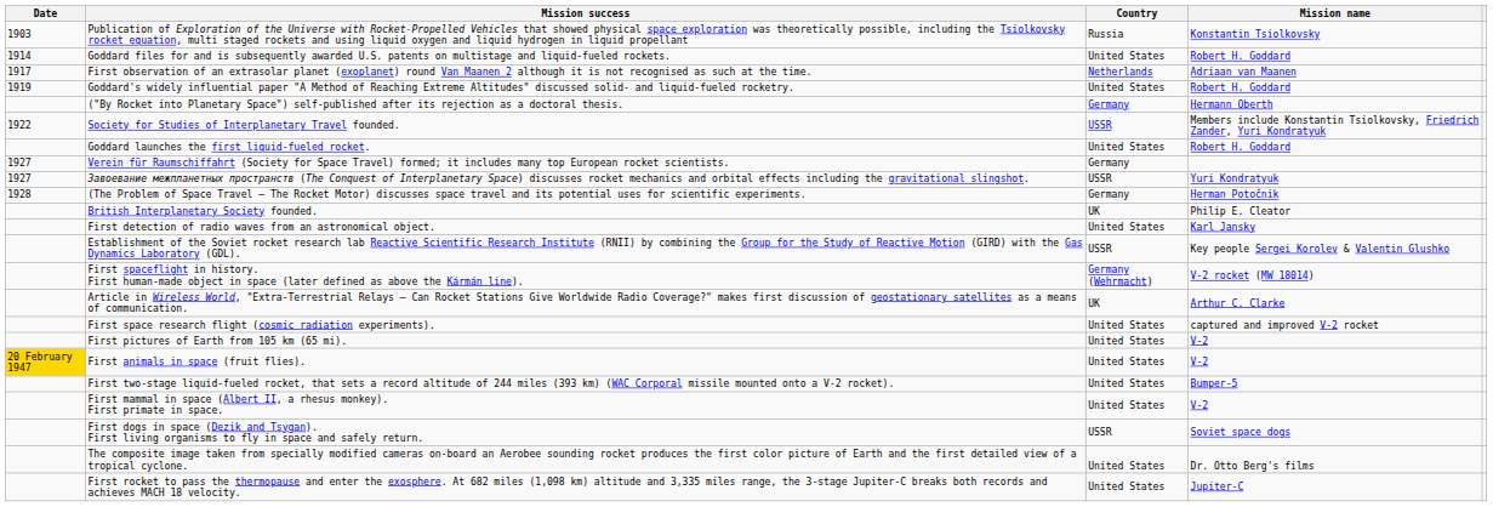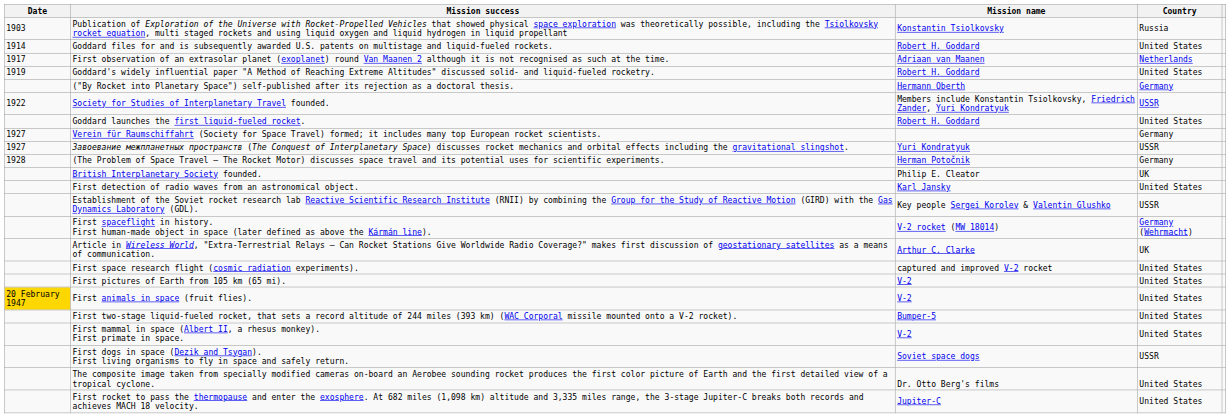 <table class="wikitable sticky-header">
 <tr>
 <th>Date</th>
 <th>Mission success</th>
+<th>Mission name</th>
 <th width=130em>Country</th>
-<th>Mission name</th>
 <th></th>
 </tr>
 <tr>
 <td>1903</td>
 <td>Publication of <em>Exploration of the Universe with Rocket-Propelled Vehicles</em> that showed physical <a href='#'>space exploration</a> was theoretically possible, including the <a href='#'>Tsiolkovsky rocket equation</a>, multi staged rockets and using liquid oxygen and liquid hydrogen in liquid propellant</td>
+<td><a href='#'>Konstantin Tsiolkovsky</a></td>
 <td> Russia</td>
-<td><a href='#'>Konstantin Tsiolkovsky</a></td>
 <td></td>
 </tr>
 <tr>
 <td>1914</td>
 <td>Goddard files for and is subsequently awarded U.S. patents on multistage and liquid-fueled rockets.</td>
+<td><a href='#'>Robert H. Goddard</a></td>
 <td> United States</td>
-<td><a href='#'>Robert H. Goddard</a></td>
 <td></td>
 </tr>
 <tr>
 <td>1917</td>
 <td>First observation of an extrasolar planet (<a href='#'>exoplanet</a>) round <a href='#'>Van Maanen 2</a> although it is not recognised as such at the time.</td>
+<td><a href='#'>Adriaan van Maanen</a></td>
 <td> <a href='#'>Netherlands</a></td>
-<td><a href='#'>Adriaan van Maanen</a></td>
 <td></td>
 </tr>
 <tr>
 <td>1919</td>
 <td>Goddard's widely influential paper "A Method of Reaching Extreme Altitudes" discussed solid- and liquid-fueled rocketry.</td>
+<td><a href='#'>Robert H. Goddard</a></td>
 <td> United States</td>
-<td><a href='#'>Robert H. Goddard</a></td>
 <td></td>
 </tr>
 <tr>
 <td></td>
 <td> ("By Rocket into Planetary Space") self-published after its rejection as a doctoral thesis.</td>
+<td><a href='#'>Hermann Oberth</a></td>
 <td> <a href='#'>Germany</a></td>
-<td><a href='#'>Hermann Oberth</a></td>
 <td></td>
 </tr>
 <tr>
 <td>1922</td>
 <td><a href='#'>Society for Studies of Interplanetary Travel</a> founded.</td>
+<td>Members include Konstantin Tsiolkovsky, <a href='#'>Friedrich Zander</a>, <a href='#'>Yuri Kondratyuk</a></td>
 <td> <a href='#'>USSR</a></td>
-<td>Members include Konstantin Tsiolkovsky, <a href='#'>Friedrich Zander</a>, <a href='#'>Yuri Kondratyuk</a></td>
 <td></td>
 </tr>
 <tr>
 <td></td>
 <td>Goddard launches the <a href='#'>first liquid-fueled rocket</a>.</td>
+<td><a href='#'>Robert H. Goddard</a></td>
 <td> United States</td>
-<td><a href='#'>Robert H. Goddard</a></td>
 <td></td>
 </tr>
 <tr>
 <td>1927</td>
 <td><a href='#'>Verein für Raumschiffahrt</a> (Society for Space Travel) formed; it includes many top European rocket scientists.</td>
+<td> </td>
 <td> Germany</td>
-<td> </td>
 <td></td>
 </tr>
 <tr>
 <td>1927</td>
 <td><em>Завоевание межпланетных пространств</em> (<em>The Conquest of Interplanetary Space</em>) discusses rocket mechanics and orbital effects including the <a href='#'>gravitational slingshot</a>.</td>
+<td><a href='#'>Yuri Kondratyuk</a></td>
 <td> USSR</td>
-<td><a href='#'>Yuri Kondratyuk</a></td>
 <td></td>
 </tr>
 <tr>
 <td>1928</td>
 <td> (The Problem of Space Travel – The Rocket Motor) discusses space travel and its potential uses for scientific experiments.</td>
+<td><a href='#'>Herman Potočnik</a></td>
 <td> Germany</td>
-<td><a href='#'>Herman Potočnik</a></td>
 <td></td>
 </tr>
 <tr>
 <td></td>
 <td><a href='#'>British Interplanetary Society</a> founded.</td>
+<td>Philip E. Cleator</td>
 <td> UK</td>
-<td>Philip E. Cleator</td>
 <td></td>
 </tr>
 <tr>
 <td></td>
 <td>First detection of radio waves from an astronomical object.</td>
+<td><a href='#'>Karl Jansky</a></td>
 <td> United States</td>
-<td><a href='#'>Karl Jansky</a></td>
 <td></td>
 </tr>
 <tr>
 <td></td>
 <td>Establishment of the Soviet rocket research lab <a href='#'>Reactive Scientific Research Institute</a> (RNII)  by combining the <a href='#'>Group for the Study of Reactive Motion</a> (GIRD) with the <a href='#'>Gas Dynamics Laboratory</a> (GDL).</td>
+<td>Key people <a href='#'>Sergei Korolev</a> & <a href='#'>Valentin Glushko</a></td>
 <td> USSR</td>
-<td>Key people <a href='#'>Sergei Korolev</a> & <a href='#'>Valentin Glushko</a></td>
 <td></td>
 </tr>
 <tr>
 <td></td>
 <td>First <a href='#'>spaceflight</a> in history.<br>First human-made object in space (later defined as above the <a href='#'>Kármán line</a>).</td>
+<td><a href='#'>V-2 rocket</a> (<a href='#'>MW 18014</a>)</td>
 <td> <a href='#'>Germany</a> (<a href='#'>Wehrmacht</a>)</td>
-<td><a href='#'>V-2 rocket</a> (<a href='#'>MW 18014</a>)</td>
 <td></td>
 </tr>
 <tr>
 <td></td>
 <td>Article in <em><a href='#'>Wireless World</a></em>, "Extra-Terrestrial Relays — Can Rocket Stations Give Worldwide Radio Coverage?" makes first discussion of <a href='#'>geostationary satellites</a> as a means of communication.</td>
+<td><a href='#'>Arthur C. Clarke</a></td>
 <td> UK</td>
-<td><a href='#'>Arthur C. Clarke</a></td>
 <td></td>
 </tr>
 <tr>
 <td></td>
 <td>First space research flight (<a href='#'>cosmic radiation</a> experiments).</td>
+<td>captured and improved <a href='#'>V-2</a> rocket</td>
 <td> United States</td>
-<td>captured and improved <a href='#'>V-2</a> rocket</td>
 <td></td>
 </tr>
 <tr>
 <td></td>
 <td>First pictures of Earth from 105 km (65 mi).</td>
+<td><a href='#'>V-2</a></td>
 <td> United States</td>
-<td><a href='#'>V-2</a></td>
 <td></td>
 </tr>
 <tr>
 <td style="background: gold;">20 February 1947</td>
 <td>First <a href='#'>animals in space</a> (fruit flies).</td>
+<td><a href='#'>V-2</a></td>
 <td> United States</td>
-<td><a href='#'>V-2</a></td>
 <td></td>
 </tr>
 <tr>
 <td></td>
 <td>First two-stage liquid-fueled rocket, that sets a record altitude of 244 miles (393 km) (<a href='#'>WAC Corporal</a> missile mounted onto a V-2 rocket).</td>
+<td><a href='#'>Bumper-5</a></td>
 <td> United States</td>
-<td><a href='#'>Bumper-5</a></td>
 <td></td>
 </tr>
 <tr>
 <td></td>
 <td>First mammal in space (<a href='#'>Albert II</a>, a rhesus monkey).<br>First primate in space.</td>
+<td><a href='#'>V-2</a></td>
 <td> United States</td>
-<td><a href='#'>V-2</a></td>
 <td></td>
 </tr>
 <tr>
 <td></td>
 <td>First dogs in space (<a href='#'>Dezik and Tsygan</a>).<br>First living organisms to fly in space and safely return.</td>
+<td><a href='#'>Soviet space dogs</a></td>
 <td> USSR</td>
-<td><a href='#'>Soviet space dogs</a></td>
 <td></td>
 </tr>
 <tr>
 <td></td>
 <td>The composite image taken from specially modified cameras on-board an Aerobee sounding rocket produces the first color picture of Earth and the first detailed view of a tropical cyclone.</td>
+<td><br>Dr. Otto Berg's films</td>
 <td><br> United States</td>
-<td><br>Dr. Otto Berg's films</td>
 <td><br>  </td>
 </tr>
 <tr>
 <td></td>
 <td>First rocket to pass the <a href='#'>thermopause</a> and enter the <a href='#'>exosphere</a>. At 682 miles (1,098 km) altitude and 3,335 miles range, the 3-stage Jupiter-C breaks both records and achieves MACH 18 velocity.</td>
+<td><a href='#'>Jupiter-C</a></td>
 <td> United States</td>
-<td><a href='#'>Jupiter-C</a></td>
 <td></td>
 </tr>
 </table>
